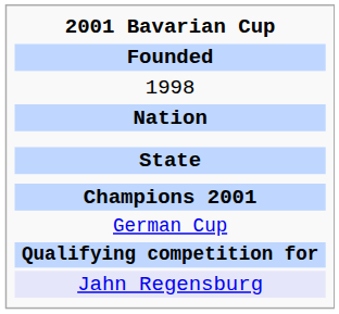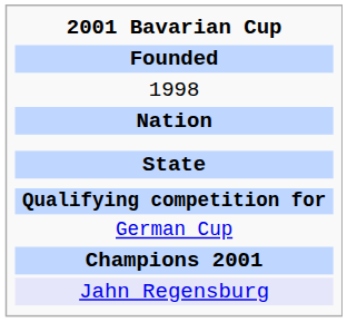 <table class="infobox football" style="width: 16em; text-align: center;">
 <tr>
 <th style="">2001 Bavarian Cup</th>
 </tr>
 <tr>
 <td style="background: #BFD7FF;"><strong>Founded</strong></td>
 </tr>
 <tr>
 <td style="">1998</td>
 </tr>
 <tr>
 <td style="background: #BFD7FF;"><strong>Nation</strong></td>
 </tr>
 <tr>
 <td style=""></td>
 </tr>
 <tr>
 <td style="line-height: 15px;"></td>
 </tr>
 <tr>
 <td style="background: #BFD7FF;"><strong>State</strong></td>
 </tr>
 <tr>
 <td style=""></td>
 </tr>
 <tr>
-<td style="background: #BFD7FF;"><strong>Champions 2001</strong></td>
+<td style="font-size: 12px; background: #BFD7FF;"><strong>Qualifying competition for</strong></td>
 </tr>
 <tr>
 <td style="font-size: 12px;"><a href='#'>German Cup</a></td>
 </tr>
 <tr>
-<td style="font-size: 12px; background: #BFD7FF;"><strong>Qualifying competition for</strong></td>
+<td style="background: #BFD7FF;"><strong>Champions 2001</strong></td>
 </tr>
 <tr>
 <td style="background: lavender; "><a href='#'>Jahn Regensburg</a></td>
 </tr>
 <tr>
 </tr>
 </table>
